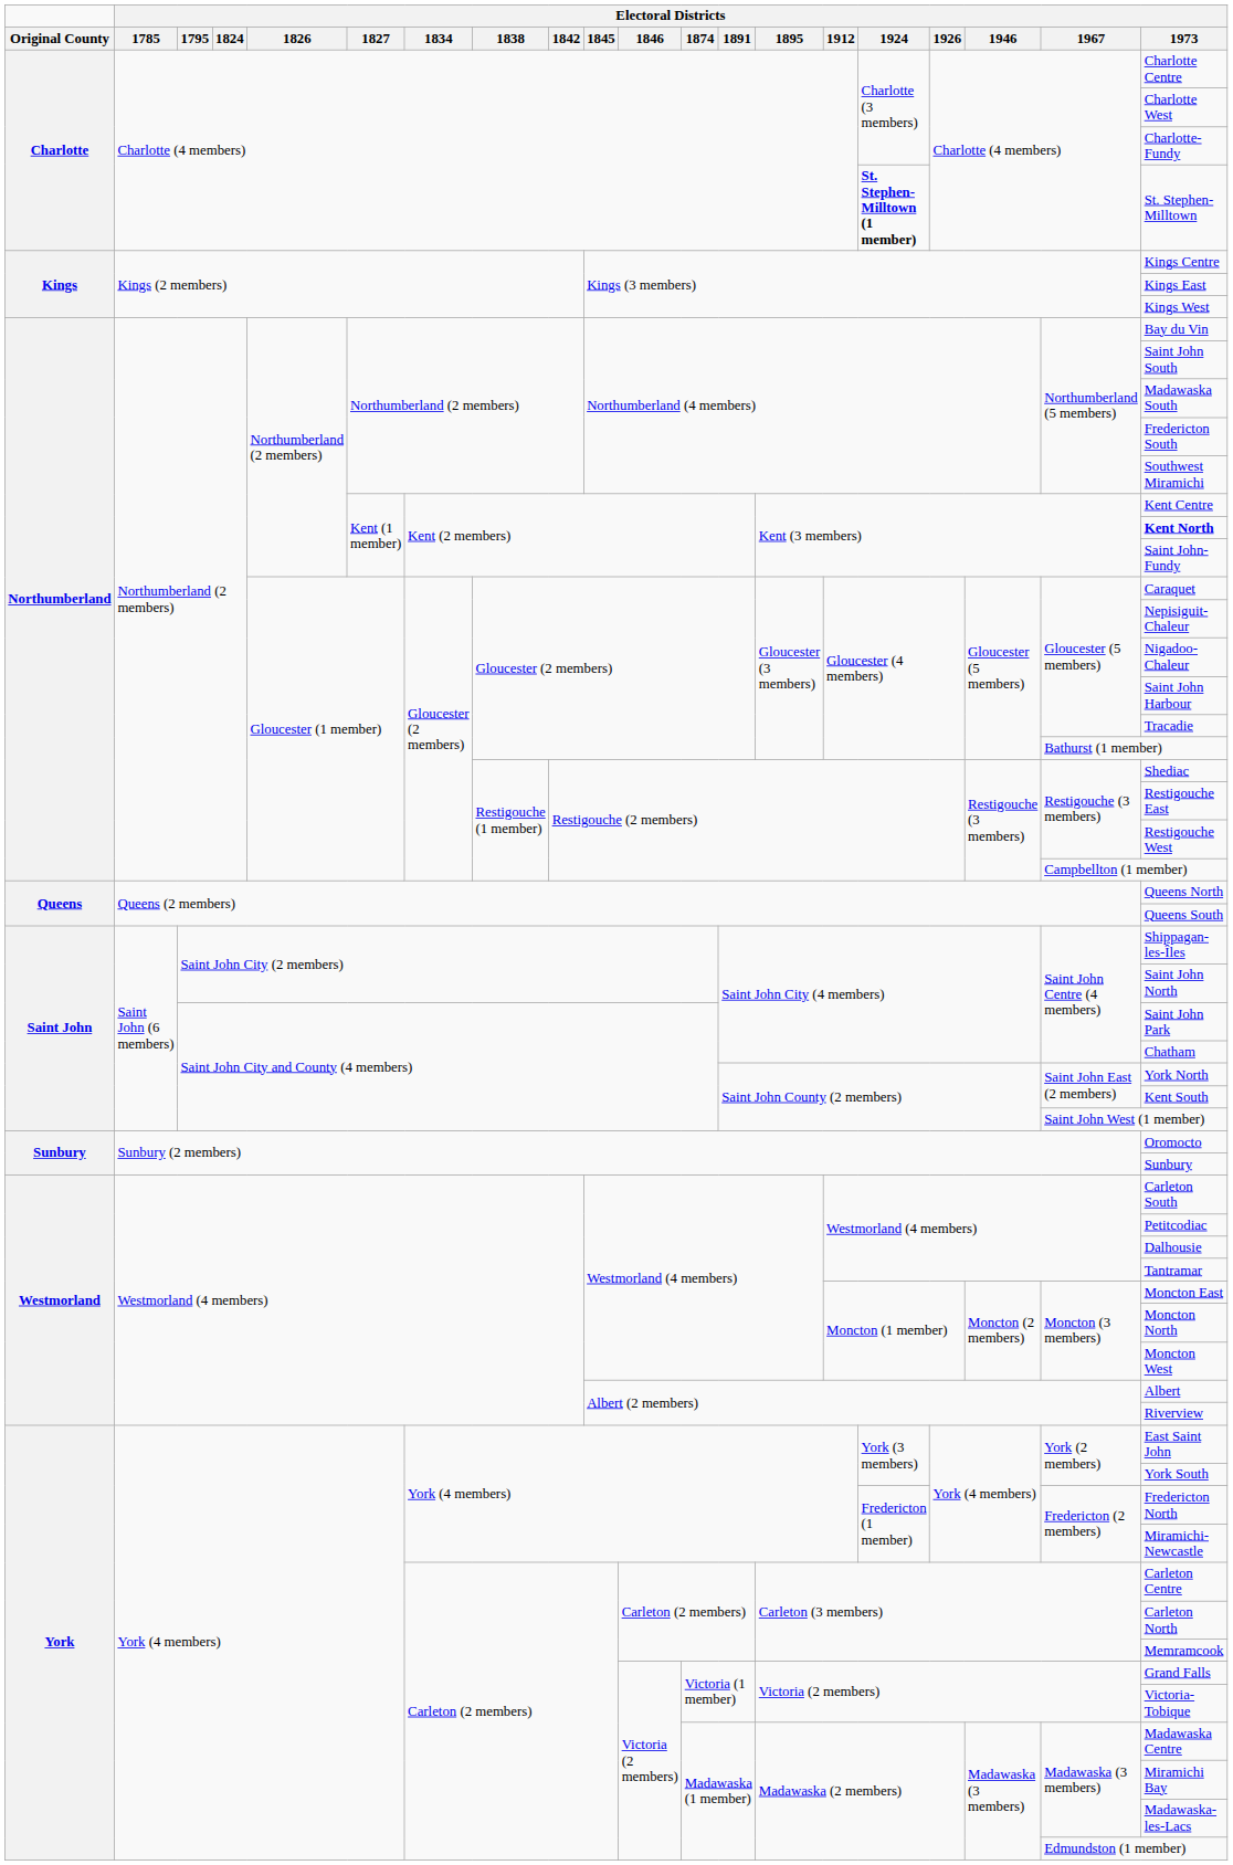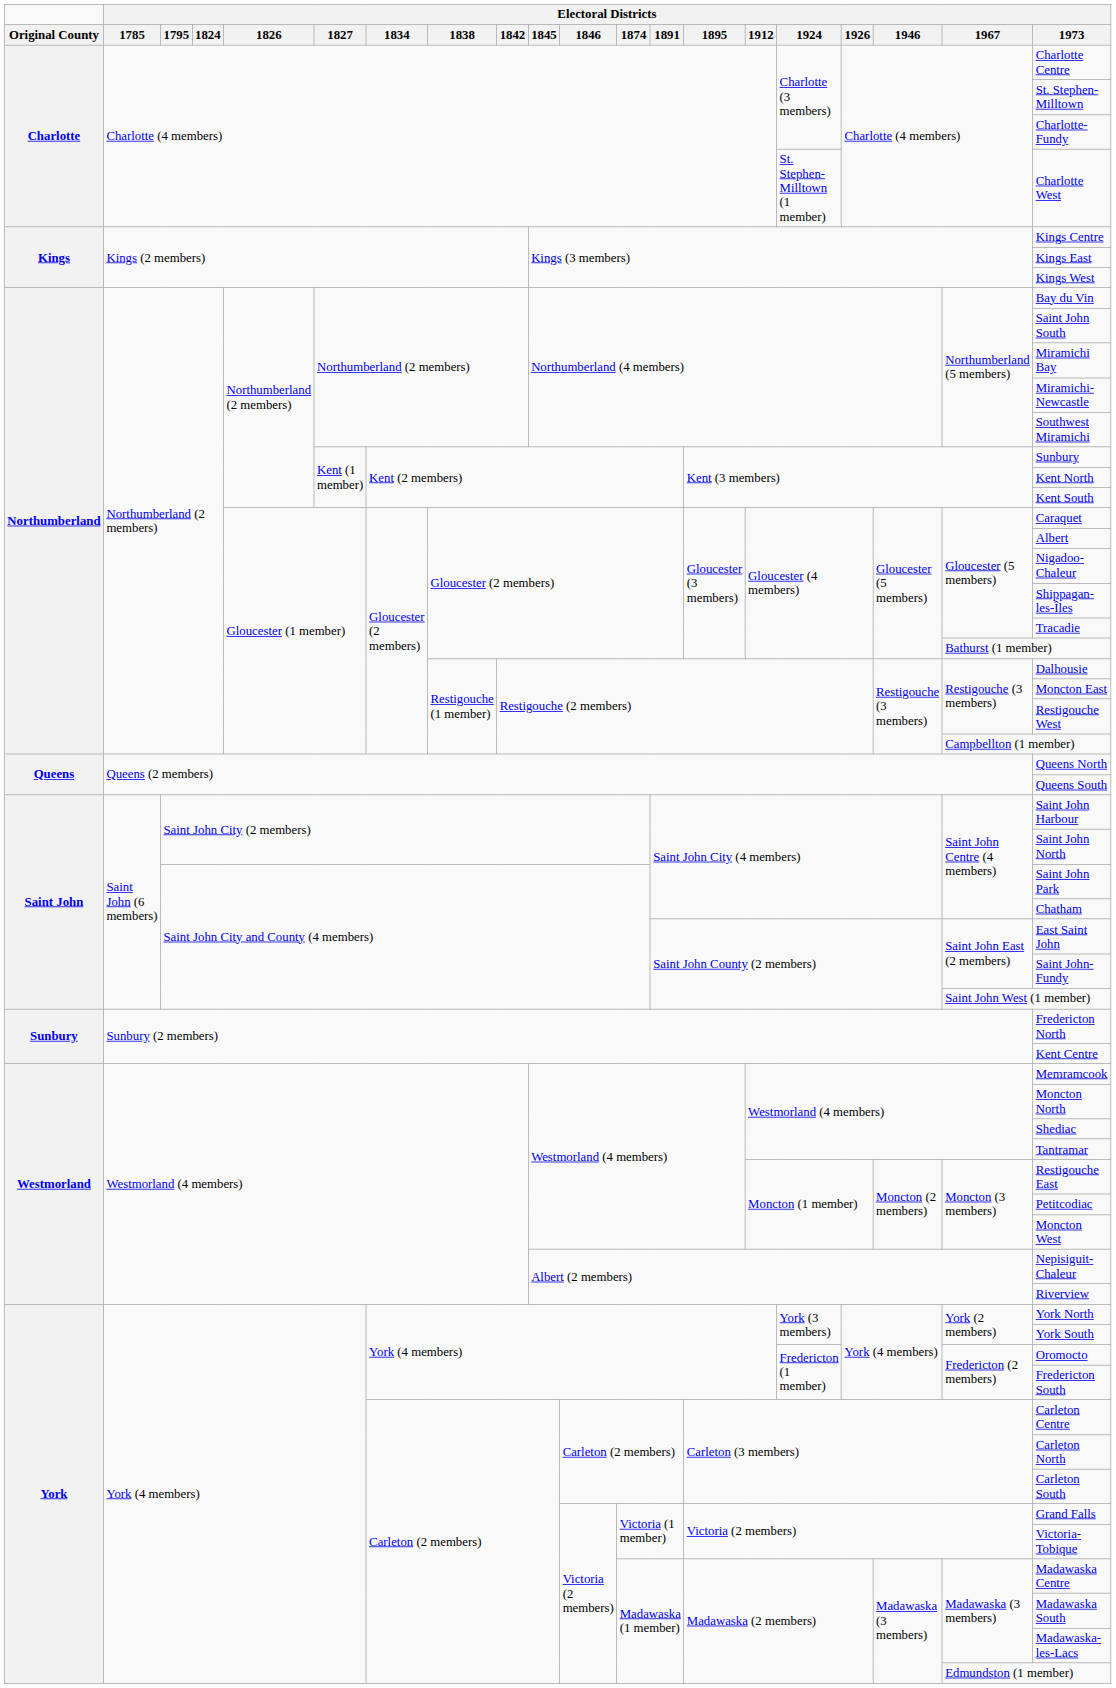 <table class="wikitable">
 <tr>
 <td></td>
 <th colspan=19>Electoral Districts</th>
 </tr>
 <tr>
 <th>Original County</th>
 <th>1785</th>
 <th>1795</th>
 <th>1824</th>
 <th>1826</th>
 <th>1827</th>
 <th>1834</th>
 <th>1838</th>
 <th>1842</th>
 <th>1845</th>
 <th>1846</th>
 <th>1874</th>
 <th>1891</th>
 <th>1895</th>
 <th>1912</th>
 <th>1924</th>
 <th>1926</th>
 <th>1946</th>
 <th>1967</th>
 <th>1973</th>
 </tr>
 <tr>
 <th rowspan=4><a href='#'>Charlotte</a></th>
 <td rowspan=4 colspan=14><a href='#'>Charlotte</a> (4 members)</td>
 <td rowspan=3><a href='#'>Charlotte</a> (3 members)</td>
 <td rowspan=4 colspan=3><a href='#'>Charlotte</a> (4 members)</td>
 <td><a href='#'>Charlotte Centre</a></td>
 </tr>
 <tr>
-<td><a href='#'>Charlotte West</a></td>
+<td><a href='#'>St. Stephen-Milltown</a></td>
 </tr>
 <tr>
 <td><a href='#'>Charlotte-Fundy</a></td>
 </tr>
 <tr>
-<td><strong><a href='#'>St. Stephen-Milltown</a> (1 member)</strong></td>
-<td><a href='#'>St. Stephen-Milltown</a></td>
+<td><a href='#'>St. Stephen-Milltown</a> (1 member)</td>
+<td><a href='#'>Charlotte West</a></td>
 </tr>
 <tr>
 <th rowspan=3><a href='#'>Kings</a></th>
 <td rowspan=3 colspan=8><a href='#'>Kings</a> (2 members)</td>
 <td rowspan=3 colspan=10><a href='#'>Kings</a> (3 members)</td>
 <td><a href='#'>Kings Centre</a></td>
 </tr>
 <tr>
 <td><a href='#'>Kings East</a></td>
 </tr>
 <tr>
 <td><a href='#'>Kings West</a></td>
 </tr>
 <tr>
 <th rowspan=18><a href='#'>Northumberland</a></th>
 <td rowspan=18 colspan=3><a href='#'>Northumberland</a> (2 members)</td>
 <td rowspan=8><a href='#'>Northumberland</a> (2 members)</td>
 <td rowspan=5 colspan=4><a href='#'>Northumberland</a> (2 members)</td>
 <td rowspan=5 colspan=9><a href='#'>Northumberland</a> (4 members)</td>
 <td rowspan=5><a href='#'>Northumberland</a> (5 members)</td>
 <td><a href='#'>Bay du Vin</a></td>
 </tr>
 <tr>
 <td><a href='#'>Saint John South</a></td>
 </tr>
 <tr>
-<td><a href='#'>Madawaska South</a></td>
+<td><a href='#'>Miramichi Bay</a></td>
 </tr>
 <tr>
-<td><a href='#'>Fredericton South</a></td>
+<td><a href='#'>Miramichi-Newcastle</a></td>
 </tr>
 <tr>
 <td><a href='#'>Southwest Miramichi</a></td>
 </tr>
 <tr>
 <td rowspan=3><a href='#'>Kent</a> (1 member)</td>
 <td rowspan=3 colspan=7><a href='#'>Kent</a> (2 members)</td>
 <td rowspan=3 colspan=6><a href='#'>Kent</a> (3 members)</td>
-<td><a href='#'>Kent Centre</a></td>
+<td><a href='#'>Sunbury</a></td>
 </tr>
 <tr>
-<td><strong><a href='#'>Kent North</a></strong></td>
+<td><a href='#'>Kent North</a></td>
 </tr>
 <tr>
-<td><a href='#'>Saint John-Fundy</a></td>
+<td><a href='#'>Kent South</a></td>
 </tr>
 <tr>
 <td rowspan=10 colspan=2><a href='#'>Gloucester</a> (1 member)</td>
 <td rowspan=10><a href='#'>Gloucester</a> (2 members)</td>
 <td rowspan=6 colspan=6><a href='#'>Gloucester</a> (2 members)</td>
 <td rowspan=6><a href='#'>Gloucester</a> (3 members)</td>
 <td rowspan=6 colspan=3><a href='#'>Gloucester</a> (4 members)</td>
 <td rowspan=6><a href='#'>Gloucester</a> (5 members)</td>
 <td rowspan=5><a href='#'>Gloucester</a> (5 members)</td>
 <td><a href='#'>Caraquet</a></td>
 </tr>
 <tr>
-<td><a href='#'>Nepisiguit-Chaleur</a></td>
+<td><a href='#'>Albert</a></td>
 </tr>
 <tr>
 <td><a href='#'>Nigadoo-Chaleur</a></td>
 </tr>
 <tr>
-<td><a href='#'>Saint John Harbour</a></td>
+<td><a href='#'>Shippagan-les-Îles</a></td>
 </tr>
 <tr>
 <td><a href='#'>Tracadie</a></td>
 </tr>
 <tr>
 <td colspan=2><a href='#'>Bathurst</a> (1 member)</td>
 </tr>
 <tr>
 <td rowspan=4><a href='#'>Restigouche</a> (1 member)</td>
 <td rowspan=4 colspan=9><a href='#'>Restigouche</a> (2 members)</td>
 <td rowspan=4><a href='#'>Restigouche</a> (3 members)</td>
 <td rowspan=3><a href='#'>Restigouche</a> (3 members)</td>
-<td><a href='#'>Shediac</a></td>
+<td><a href='#'>Dalhousie</a></td>
 </tr>
 <tr>
-<td><a href='#'>Restigouche East</a></td>
+<td><a href='#'>Moncton East</a></td>
 </tr>
 <tr>
 <td><a href='#'>Restigouche West</a></td>
 </tr>
 <tr>
 <td colspan=2><a href='#'>Campbellton</a> (1 member)</td>
 </tr>
 <tr>
 <th rowspan=2><a href='#'>Queens</a></th>
 <td rowspan=2 colspan=18><a href='#'>Queens</a> (2 members)</td>
 <td><a href='#'>Queens North</a></td>
 </tr>
 <tr>
 <td><a href='#'>Queens South</a></td>
 </tr>
 <tr>
 <th rowspan=7><a href='#'>Saint John</a></th>
 <td rowspan=7><a href='#'>Saint John</a> (6 members)</td>
 <td rowspan=2 colspan=10><a href='#'>Saint John City</a> (2 members)</td>
 <td rowspan=4 colspan=6><a href='#'>Saint John City</a> (4 members)</td>
 <td rowspan=4><a href='#'>Saint John Centre</a> (4 members)</td>
-<td><a href='#'>Shippagan-les-Îles</a></td>
+<td><a href='#'>Saint John Harbour</a></td>
 </tr>
 <tr>
 <td><a href='#'>Saint John North</a></td>
 </tr>
 <tr>
 <td rowspan=5 colspan=10><a href='#'>Saint John City and County</a> (4 members)</td>
 <td><a href='#'>Saint John Park</a></td>
 </tr>
 <tr>
 <td><a href='#'>Chatham</a></td>
 </tr>
 <tr>
 <td rowspan=3 colspan=6><a href='#'>Saint John County</a> (2 members)</td>
 <td rowspan=2><a href='#'>Saint John East</a> (2 members)</td>
-<td><a href='#'>York North</a></td>
+<td><a href='#'>East Saint John</a></td>
 </tr>
 <tr>
-<td><a href='#'>Kent South</a></td>
+<td><a href='#'>Saint John-Fundy</a></td>
 </tr>
 <tr>
 <td colspan=2><a href='#'>Saint John West</a> (1 member)</td>
 </tr>
 <tr>
 <th rowspan=2><a href='#'>Sunbury</a></th>
 <td rowspan=2 colspan=18><a href='#'>Sunbury</a> (2 members)</td>
-<td><a href='#'>Oromocto</a></td>
+<td><a href='#'>Fredericton North</a></td>
 </tr>
 <tr>
-<td><a href='#'>Sunbury</a></td>
+<td><a href='#'>Kent Centre</a></td>
 </tr>
 <tr>
 <th rowspan=9><a href='#'>Westmorland</a></th>
 <td rowspan=9 colspan=8><a href='#'>Westmorland</a> (4 members)</td>
 <td rowspan=7 colspan=5><a href='#'>Westmorland</a> (4 members)</td>
 <td rowspan=4 colspan=5><a href='#'>Westmorland</a> (4 members)</td>
-<td><a href='#'>Carleton South</a></td>
+<td><a href='#'>Memramcook</a></td>
 </tr>
 <tr>
-<td><a href='#'>Petitcodiac</a></td>
+<td><a href='#'>Moncton North</a></td>
 </tr>
 <tr>
-<td><a href='#'>Dalhousie</a></td>
+<td><a href='#'>Shediac</a></td>
 </tr>
 <tr>
 <td><a href='#'>Tantramar</a></td>
 </tr>
 <tr>
 <td rowspan=3 colspan=3><a href='#'>Moncton</a> (1 member)</td>
 <td rowspan=3><a href='#'>Moncton</a> (2 members)</td>
 <td rowspan=3><a href='#'>Moncton</a> (3 members)</td>
-<td><a href='#'>Moncton East</a></td>
+<td><a href='#'>Restigouche East</a></td>
 </tr>
 <tr>
-<td><a href='#'>Moncton North</a></td>
+<td><a href='#'>Petitcodiac</a></td>
 </tr>
 <tr>
 <td><a href='#'>Moncton West</a></td>
 </tr>
 <tr>
 <td rowspan=2 colspan=10><a href='#'>Albert</a> (2 members)</td>
-<td><a href='#'>Albert</a></td>
+<td><a href='#'>Nepisiguit-Chaleur</a></td>
 </tr>
 <tr>
 <td><a href='#'>Riverview</a></td>
 </tr>
 <tr>
 <th rowspan=13><a href='#'>York</a></th>
 <td rowspan=13 colspan=5><a href='#'>York</a> (4 members)</td>
 <td rowspan=4 colspan=9><a href='#'>York</a> (4 members)</td>
 <td rowspan=2><a href='#'>York</a> (3 members)</td>
 <td rowspan=4 colspan=2><a href='#'>York</a> (4 members)</td>
 <td rowspan=2><a href='#'>York</a> (2 members)</td>
-<td><a href='#'>East Saint John</a></td>
+<td><a href='#'>York North</a></td>
 </tr>
 <tr>
 <td><a href='#'>York South</a></td>
 </tr>
 <tr>
 <td rowspan=2><a href='#'>Fredericton</a> (1 member)</td>
 <td rowspan=2><a href='#'>Fredericton</a> (2 members)</td>
-<td><a href='#'>Fredericton North</a></td>
+<td><a href='#'>Oromocto</a></td>
 </tr>
 <tr>
-<td><a href='#'>Miramichi-Newcastle</a></td>
+<td><a href='#'>Fredericton South</a></td>
 </tr>
 <tr>
 <td rowspan=9 colspan=4><a href='#'>Carleton</a> (2 members)</td>
 <td rowspan=3 colspan=3><a href='#'>Carleton</a> (2 members)</td>
 <td rowspan=3 colspan=6><a href='#'>Carleton</a> (3 members)</td>
 <td><a href='#'>Carleton Centre</a></td>
 </tr>
 <tr>
 <td><a href='#'>Carleton North</a></td>
 </tr>
 <tr>
-<td><a href='#'>Memramcook</a></td>
+<td><a href='#'>Carleton South</a></td>
 </tr>
 <tr>
 <td rowspan=6><a href='#'>Victoria</a> (2 members)</td>
 <td rowspan=2 colspan=2><a href='#'>Victoria</a> (1 member)</td>
 <td rowspan=2 colspan=6><a href='#'>Victoria</a> (2 members)</td>
 <td><a href='#'>Grand Falls</a></td>
 </tr>
 <tr>
 <td><a href='#'>Victoria-Tobique</a></td>
 </tr>
 <tr>
 <td rowspan=4 colspan=2><a href='#'>Madawaska</a> (1 member)</td>
 <td rowspan=4 colspan=4><a href='#'>Madawaska</a> (2 members)</td>
 <td rowspan=4><a href='#'>Madawaska</a> (3 members)</td>
 <td rowspan=3><a href='#'>Madawaska</a> (3 members)</td>
 <td><a href='#'>Madawaska Centre</a></td>
 </tr>
 <tr>
-<td><a href='#'>Miramichi Bay</a></td>
+<td><a href='#'>Madawaska South</a></td>
 </tr>
 <tr>
 <td><a href='#'>Madawaska-les-Lacs</a></td>
 </tr>
 <tr>
 <td colspan=2><a href='#'>Edmundston</a> (1 member)</td>
 </tr>
 </table>
